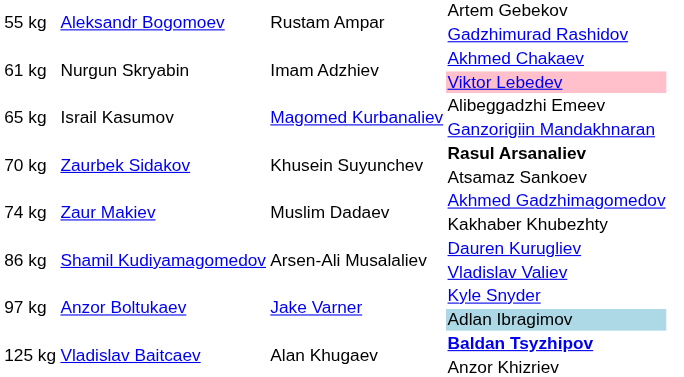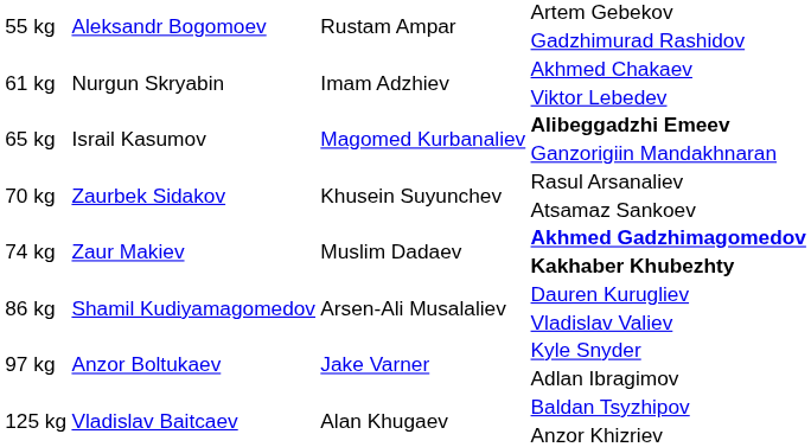 <table>
 <tr>
 <td rowspan=2>55 kg<br></td>
 <td rowspan=2> <a href='#'>Aleksandr Bogomoev</a></td>
 <td rowspan=2> Rustam Ampar</td>
 <td> Artem Gebekov</td>
 </tr>
 <tr>
 <td> <a href='#'>Gadzhimurad Rashidov</a></td>
 </tr>
 <tr>
 <td rowspan=2>61 kg<br></td>
 <td rowspan=2> Nurgun Skryabin</td>
 <td rowspan=2> Imam Adzhiev</td>
 <td> <a href='#'>Akhmed Chakaev</a></td>
 </tr>
 <tr>
-<td style="background: pink;"> <a href='#'>Viktor Lebedev</a></td>
+<td> <a href='#'>Viktor Lebedev</a></td>
 </tr>
 <tr>
 <td rowspan=2>65 kg<br></td>
 <td rowspan=2> Israil Kasumov</td>
 <td rowspan=2> <a href='#'>Magomed Kurbanaliev</a></td>
-<td> Alibeggadzhi Emeev</td>
+<td><strong> Alibeggadzhi Emeev</strong></td>
 </tr>
 <tr>
 <td> <a href='#'>Ganzorigiin Mandakhnaran</a></td>
 </tr>
 <tr>
 <td rowspan=2>70 kg<br></td>
 <td rowspan=2> <a href='#'>Zaurbek Sidakov</a></td>
 <td rowspan=2> Khusein Suyunchev</td>
-<td><strong> Rasul Arsanaliev</strong></td>
+<td> Rasul Arsanaliev</td>
 </tr>
 <tr>
 <td> Atsamaz Sankoev</td>
 </tr>
 <tr>
 <td rowspan=2>74 kg<br></td>
 <td rowspan=2> <a href='#'>Zaur Makiev</a></td>
 <td rowspan=2> Muslim Dadaev</td>
-<td> <a href='#'>Akhmed Gadzhimagomedov</a></td>
+<td><strong> <a href='#'>Akhmed Gadzhimagomedov</a></strong></td>
 </tr>
 <tr>
-<td> Kakhaber Khubezhty</td>
+<td><strong> Kakhaber Khubezhty</strong></td>
 </tr>
 <tr>
 <td rowspan=2>86 kg<br></td>
 <td rowspan=2> <a href='#'>Shamil Kudiyamagomedov</a></td>
 <td rowspan=2> Arsen-Ali Musalaliev</td>
 <td> <a href='#'>Dauren Kurugliev</a></td>
 </tr>
 <tr>
 <td> <a href='#'>Vladislav Valiev</a></td>
 </tr>
 <tr>
 <td rowspan=2>97 kg<br></td>
 <td rowspan=2> <a href='#'>Anzor Boltukaev</a></td>
 <td rowspan=2> <a href='#'>Jake Varner</a></td>
 <td> <a href='#'>Kyle Snyder</a></td>
 </tr>
 <tr>
-<td style="background: lightblue;">  Adlan Ibragimov</td>
+<td>  Adlan Ibragimov</td>
 </tr>
 <tr>
 <td rowspan=2>125 kg<br></td>
 <td rowspan=2> <a href='#'>Vladislav Baitcaev</a></td>
 <td rowspan=2> Alan Khugaev</td>
-<td><strong> <a href='#'>Baldan Tsyzhipov</a></strong></td>
+<td> <a href='#'>Baldan Tsyzhipov</a></td>
 </tr>
 <tr>
 <td> Anzor Khizriev</td>
 </tr>
 </table>
